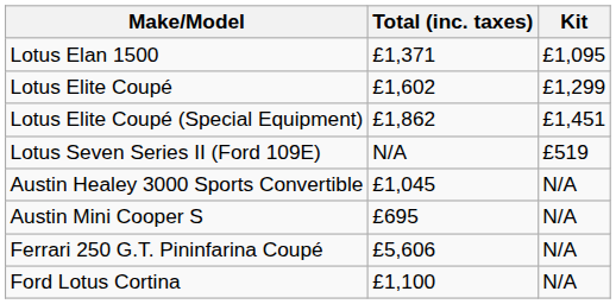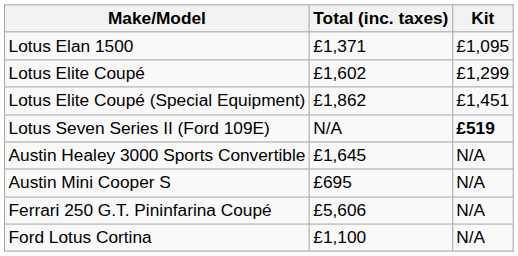 <table class="wikitable" style="display: inline-table;">
 <tr>
 <th>Make/Model</th>
 <th>Total (inc. taxes)</th>
 <th>Kit</th>
 </tr>
 <tr>
 <td>Lotus Elan 1500</td>
 <td>£1,371</td>
 <td>£1,095</td>
 </tr>
 <tr>
 <td>Lotus Elite Coupé</td>
 <td>£1,602</td>
 <td>£1,299</td>
 </tr>
 <tr>
 <td>Lotus Elite Coupé (Special Equipment)</td>
 <td>£1,862</td>
 <td>£1,451</td>
 </tr>
 <tr>
 <td>Lotus Seven Series II (Ford 109E)</td>
 <td>N/A</td>
-<td>£519</td>
+<td><strong>£519</strong></td>
 </tr>
 <tr>
 <td>Austin Healey 3000 Sports Convertible</td>
-<td>£1,045</td>
+<td>£1,645</td>
 <td>N/A</td>
 </tr>
 <tr>
 <td>Austin Mini Cooper S</td>
 <td>£695</td>
 <td>N/A</td>
 </tr>
 <tr>
 <td>Ferrari 250 G.T. Pininfarina Coupé</td>
 <td>£5,606</td>
 <td>N/A</td>
 </tr>
 <tr>
 <td>Ford Lotus Cortina</td>
 <td>£1,100</td>
 <td>N/A</td>
 </tr>
 </table>
